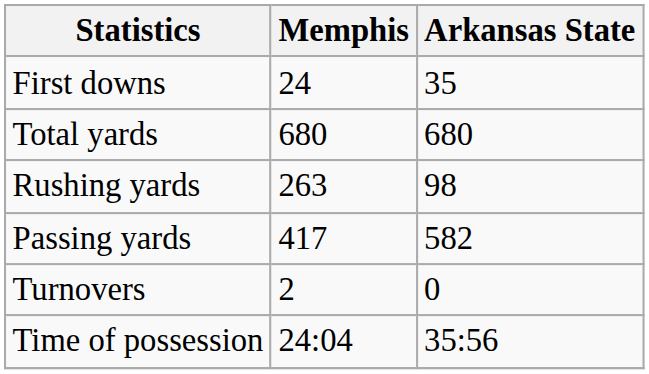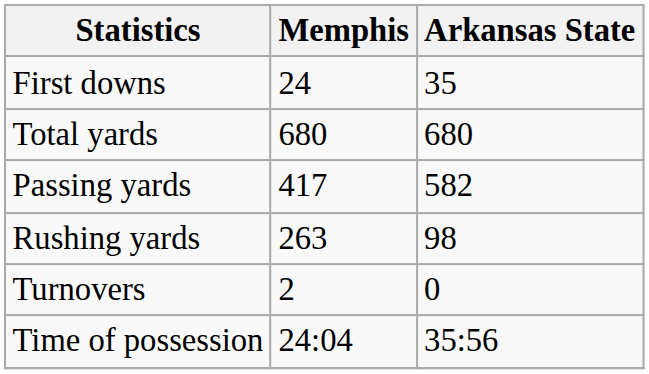 <table class="wikitable">
 <tr>
 <th>Statistics</th>
 <th>Memphis</th>
 <th>Arkansas State</th>
 </tr>
 <tr>
 <td>First downs</td>
 <td>24</td>
 <td>35</td>
 </tr>
 <tr>
 <td>Total yards</td>
 <td>680</td>
 <td>680</td>
 </tr>
 <tr>
+<td>Passing yards</td>
+<td>417</td>
+<td>582</td>
+</tr>
+<tr>
 <td>Rushing yards</td>
 <td>263</td>
 <td>98</td>
-</tr>
-<tr>
-<td>Passing yards</td>
-<td>417</td>
-<td>582</td>
 </tr>
 <tr>
 <td>Turnovers</td>
 <td>2</td>
 <td>0</td>
 </tr>
 <tr>
 <td>Time of possession</td>
 <td>24:04</td>
 <td>35:56</td>
 </tr>
 <tr>
 </tr>
 </table>
